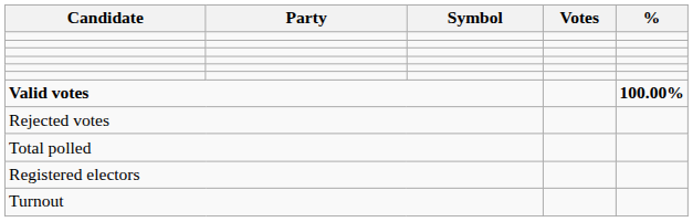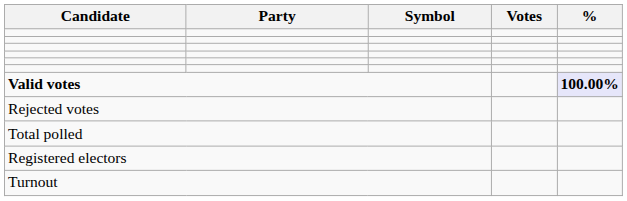 <table class="wikitable" border="1" style="text-align:right;">
 <tr>
 <th align=left width="180">Candidate</th>
 <th align=left width="180">Party</th>
 <th align=left width="120">Symbol</th>
 <th align=left width="60">Votes</th>
 <th align=left width="60">%</th>
 </tr>
 <tr>
 <td align=left></td>
 <td align=left></td>
 <td></td>
 <td></td>
 <td></td>
 </tr>
 <tr>
 <td align=left></td>
 <td align=left></td>
 <td></td>
 <td></td>
 <td></td>
 </tr>
 <tr>
 <td align=left></td>
 <td align=left></td>
 <td></td>
 <td></td>
 <td></td>
 </tr>
 <tr>
 <td align=left></td>
 <td align=left></td>
 <td></td>
 <td></td>
 <td></td>
 </tr>
 <tr>
 <td align=left></td>
 <td align=left></td>
 <td></td>
 <td></td>
 <td></td>
 </tr>
 <tr>
 <td align=left></td>
 <td align=left></td>
 <td></td>
 <td></td>
 <td></td>
 </tr>
 <tr>
 <td align=left colspan=3><strong>Valid votes</strong></td>
 <td><strong> </strong></td>
-<td><strong>100.00%</strong></td>
+<td style="background: lavender;"><strong>100.00%</strong></td>
 </tr>
 <tr>
 <td align=left colspan=3>Rejected votes</td>
 <td></td>
 <td></td>
 </tr>
 <tr>
 <td align=left colspan=3>Total polled</td>
 <td></td>
 <td></td>
 </tr>
 <tr>
 <td align=left colspan=3>Registered electors</td>
 <td></td>
 <td></td>
 </tr>
 <tr>
 <td align=left colspan=3>Turnout</td>
 <td></td>
 </tr>
 </table>
